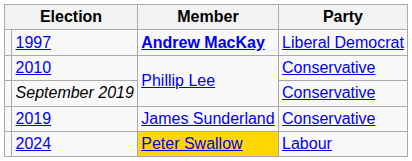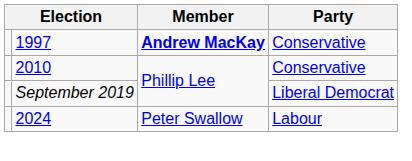 <table class="wikitable">
 <tr>
 <th colspan="2">Election</th>
 <th>Member</th>
 <th>Party</th>
 </tr>
 <tr>
 <td style="color:inherit;background-color: "></td>
 <td><a href='#'>1997</a></td>
 <td><strong><a href='#'>Andrew MacKay</a></strong></td>
-<td><a href='#'>Liberal Democrat</a></td>
+<td><a href='#'>Conservative</a></td>
 </tr>
 <tr>
 <td style="color:inherit;background-color: "></td>
 <td><a href='#'>2010</a></td>
 <td rowspan="2"><a href='#'>Phillip Lee</a></td>
 <td><a href='#'>Conservative</a></td>
 </tr>
 <tr>
 <td style="color:inherit;background-color: "></td>
 <td><em>September 2019</em></td>
-<td><a href='#'>Conservative</a></td>
-</tr>
-<tr>
-<td style="color:inherit;background-color: "></td>
-<td><a href='#'>2019</a></td>
-<td><a href='#'>James Sunderland</a></td>
-<td><a href='#'>Conservative</a></td>
+<td><a href='#'>Liberal Democrat</a></td>
 </tr>
 <tr>
 <td style="color:inherit;background-color: "></td>
 <td><a href='#'>2024</a></td>
-<td style="background: gold;"><a href='#'>Peter Swallow</a></td>
+<td><a href='#'>Peter Swallow</a></td>
 <td><a href='#'>Labour</a></td>
 </tr>
 </table>
